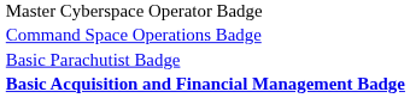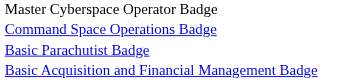 <table>
 <tr>
 <td>Master Cyberspace Operator Badge</td>
 </tr>
 <tr>
 <td> <a href='#'>Command Space Operations Badge</a></td>
 </tr>
 <tr>
 <td>  <a href='#'>Basic Parachutist Badge</a></td>
 </tr>
 <tr>
-<td><strong> <a href='#'>Basic Acquisition and Financial Management Badge</a></strong></td>
+<td> <a href='#'>Basic Acquisition and Financial Management Badge</a></td>
 </tr>
 </table>
